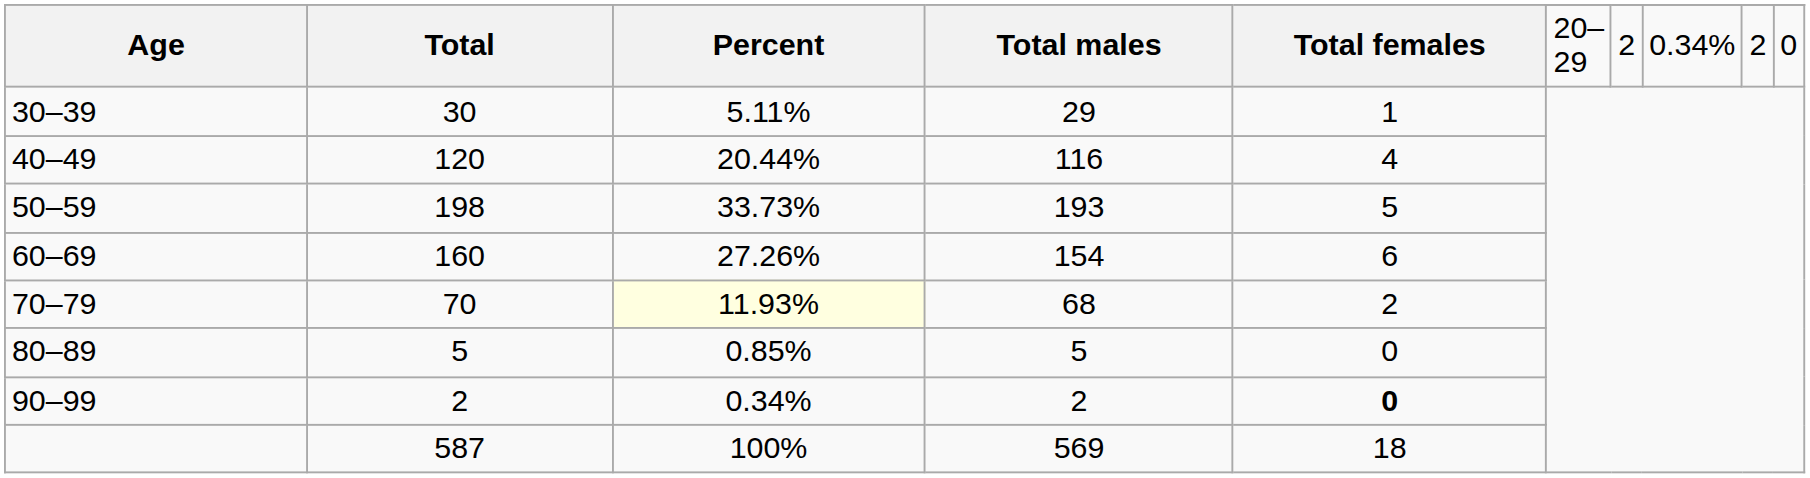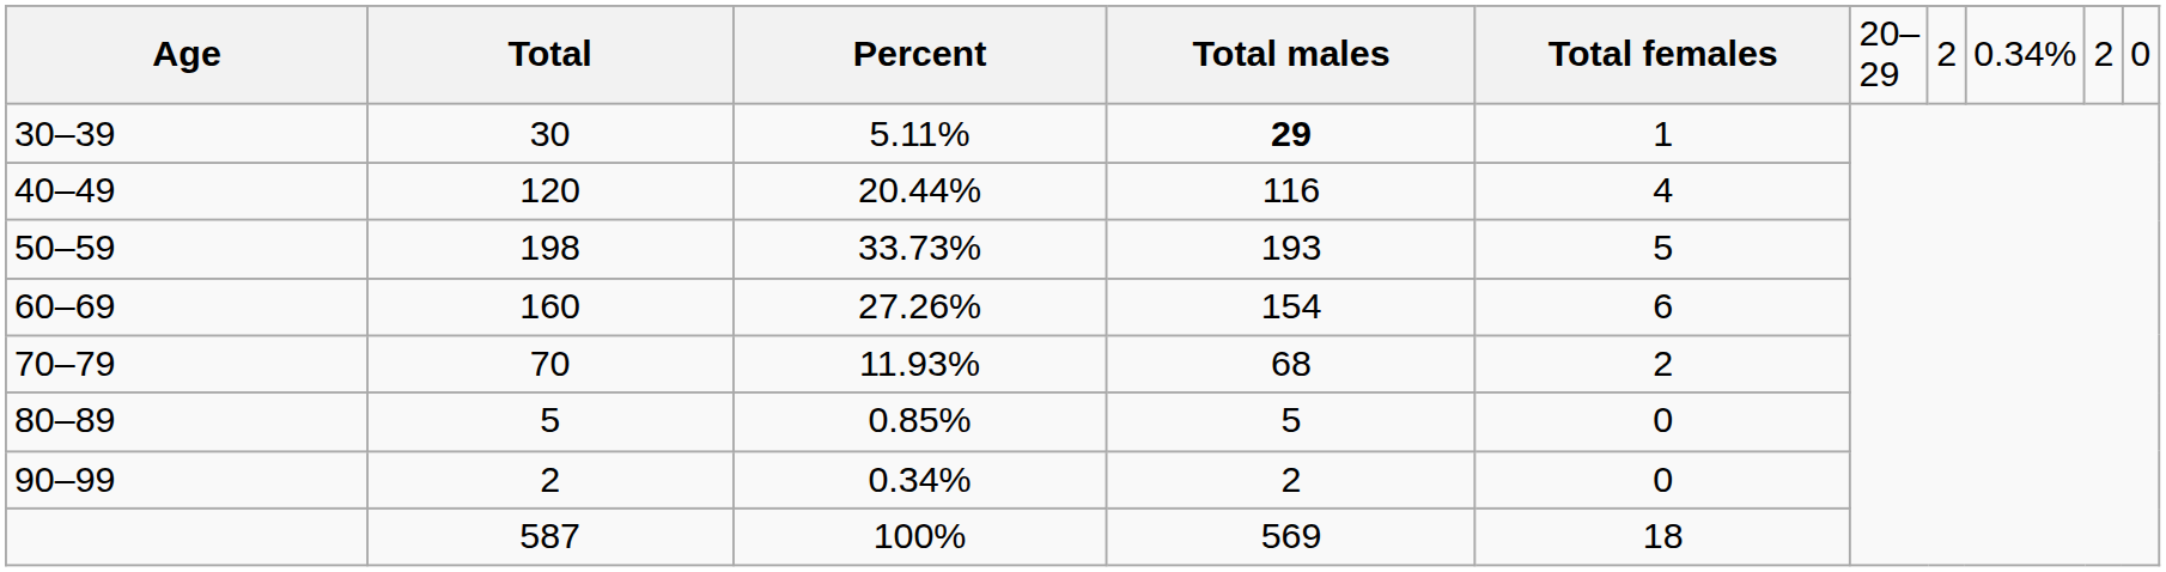 <table class="wikitable sortable" style="width:75%;">
 <tr>
 <th rowspan=2 style="width:20%;">Age</th>
 <th rowspan=2 style="width:20%;">Total</th>
 <th rowspan=2 style="width:20%;">Percent</th>
 <th rowspan=2 style="width:20%;">Total males</th>
 <th rowspan=2 style="width:20%;">Total females</th>
 </tr>
 <tr>
 <td>20–29</td>
 <td align=center>2</td>
 <td align=center>0.34%</td>
 <td align=center>2</td>
 <td align=center>0</td>
 </tr>
 <tr>
 <td>30–39</td>
 <td align=center>30</td>
 <td align=center>5.11%</td>
-<td align=center>29</td>
+<td align=center><strong>29</strong></td>
 <td align=center>1</td>
 </tr>
 <tr>
 <td>40–49</td>
 <td align=center>120</td>
 <td align=center>20.44%</td>
 <td align=center>116</td>
 <td align=center>4</td>
 </tr>
 <tr>
 <td>50–59</td>
 <td align=center>198</td>
 <td align=center>33.73%</td>
 <td align=center>193</td>
 <td align=center>5</td>
 </tr>
 <tr>
 <td>60–69</td>
 <td align=center>160</td>
 <td align=center>27.26%</td>
 <td align=center>154</td>
 <td align=center>6</td>
 </tr>
 <tr>
 <td>70–79</td>
 <td align=center>70</td>
-<td align=center style="background: lightyellow;">11.93%</td>
+<td align=center>11.93%</td>
 <td align=center>68</td>
 <td align=center>2</td>
 </tr>
 <tr>
 <td>80–89</td>
 <td align=center>5</td>
 <td align=center>0.85%</td>
 <td align=center>5</td>
 <td align=center>0</td>
 </tr>
 <tr>
 <td>90–99</td>
 <td align=center>2</td>
 <td align=center>0.34%</td>
 <td align=center>2</td>
-<td align=center><strong>0</strong></td>
+<td align=center>0</td>
 </tr>
 <tr>
 <td></td>
 <td align=center>587</td>
 <td align=center>100%</td>
 <td align=center>569</td>
 <td align=center>18</td>
 </tr>
 </table>
